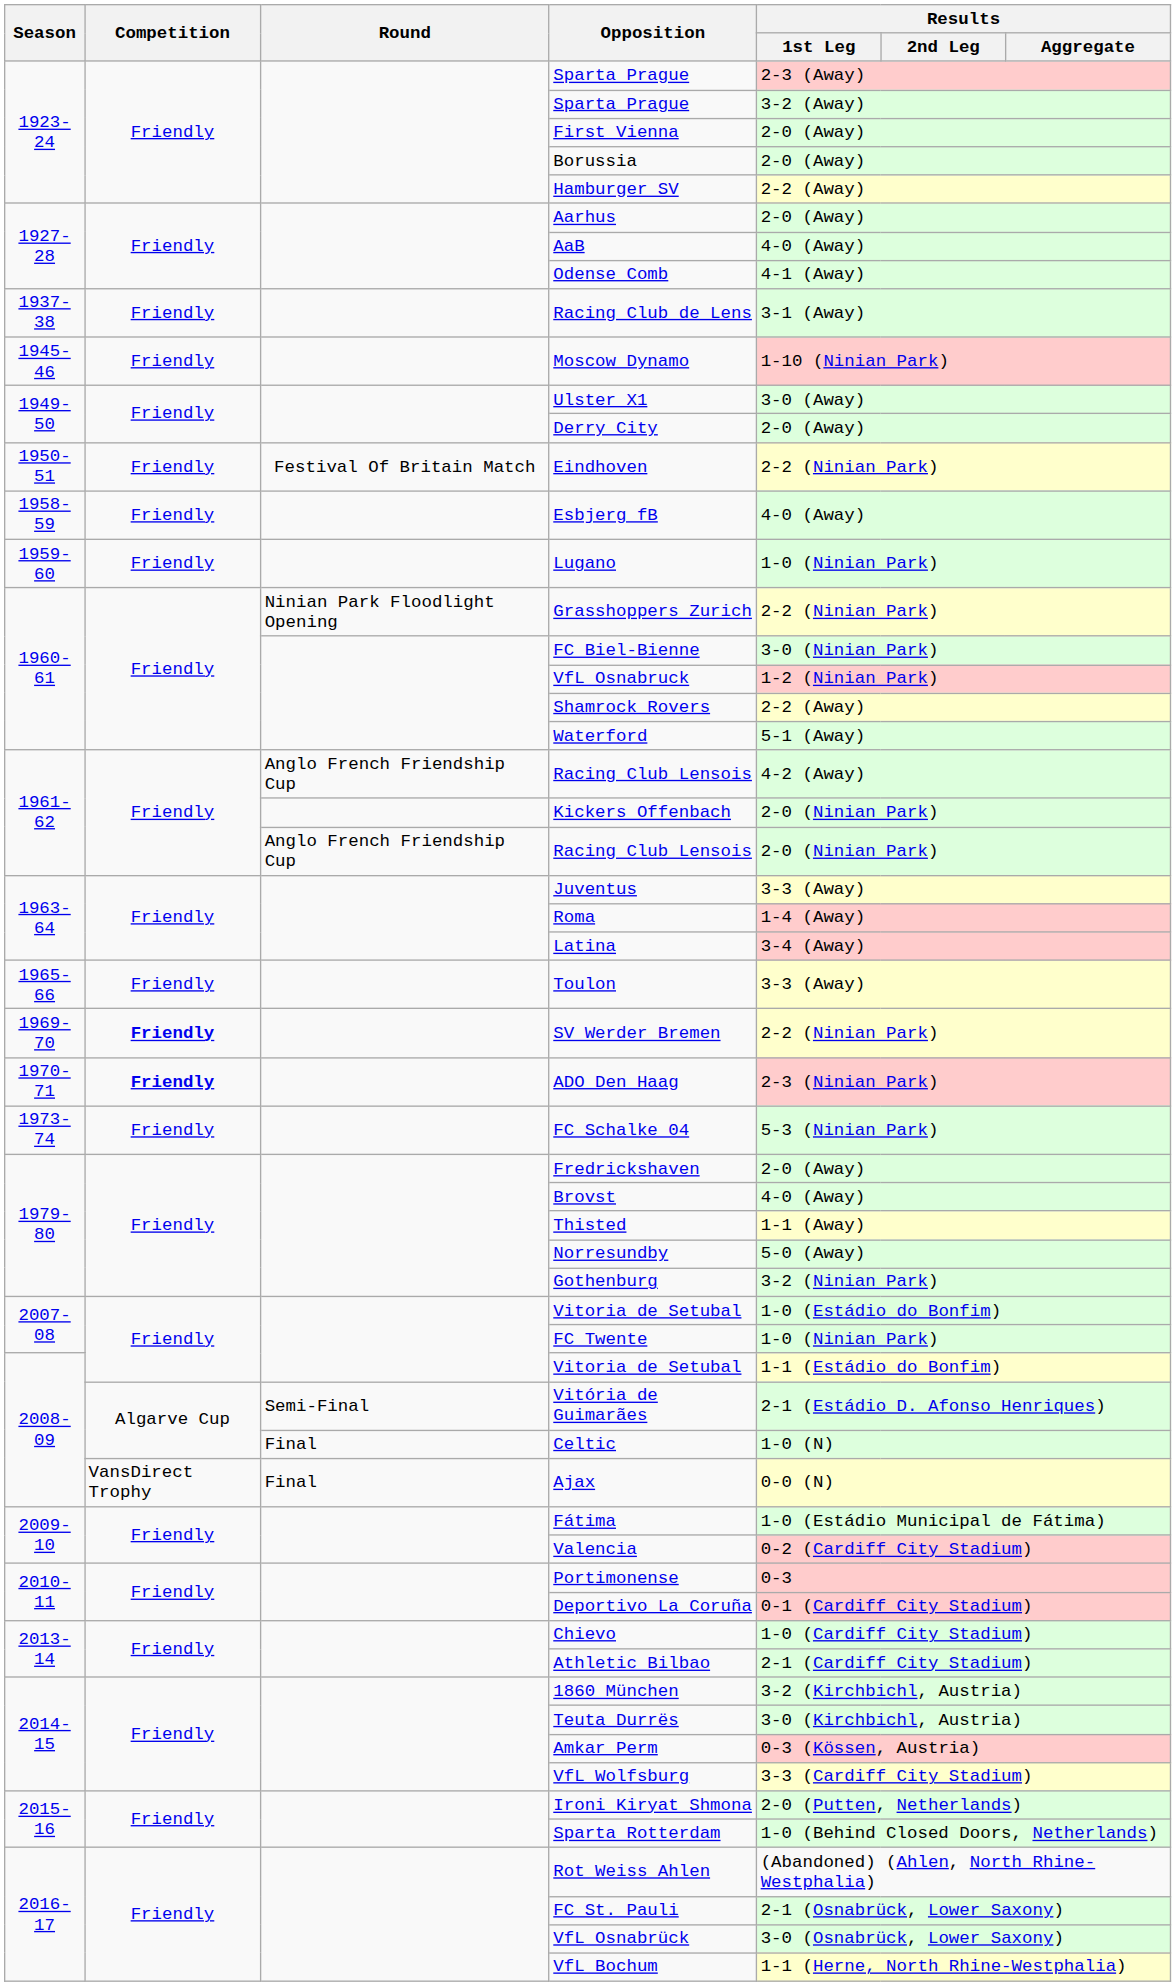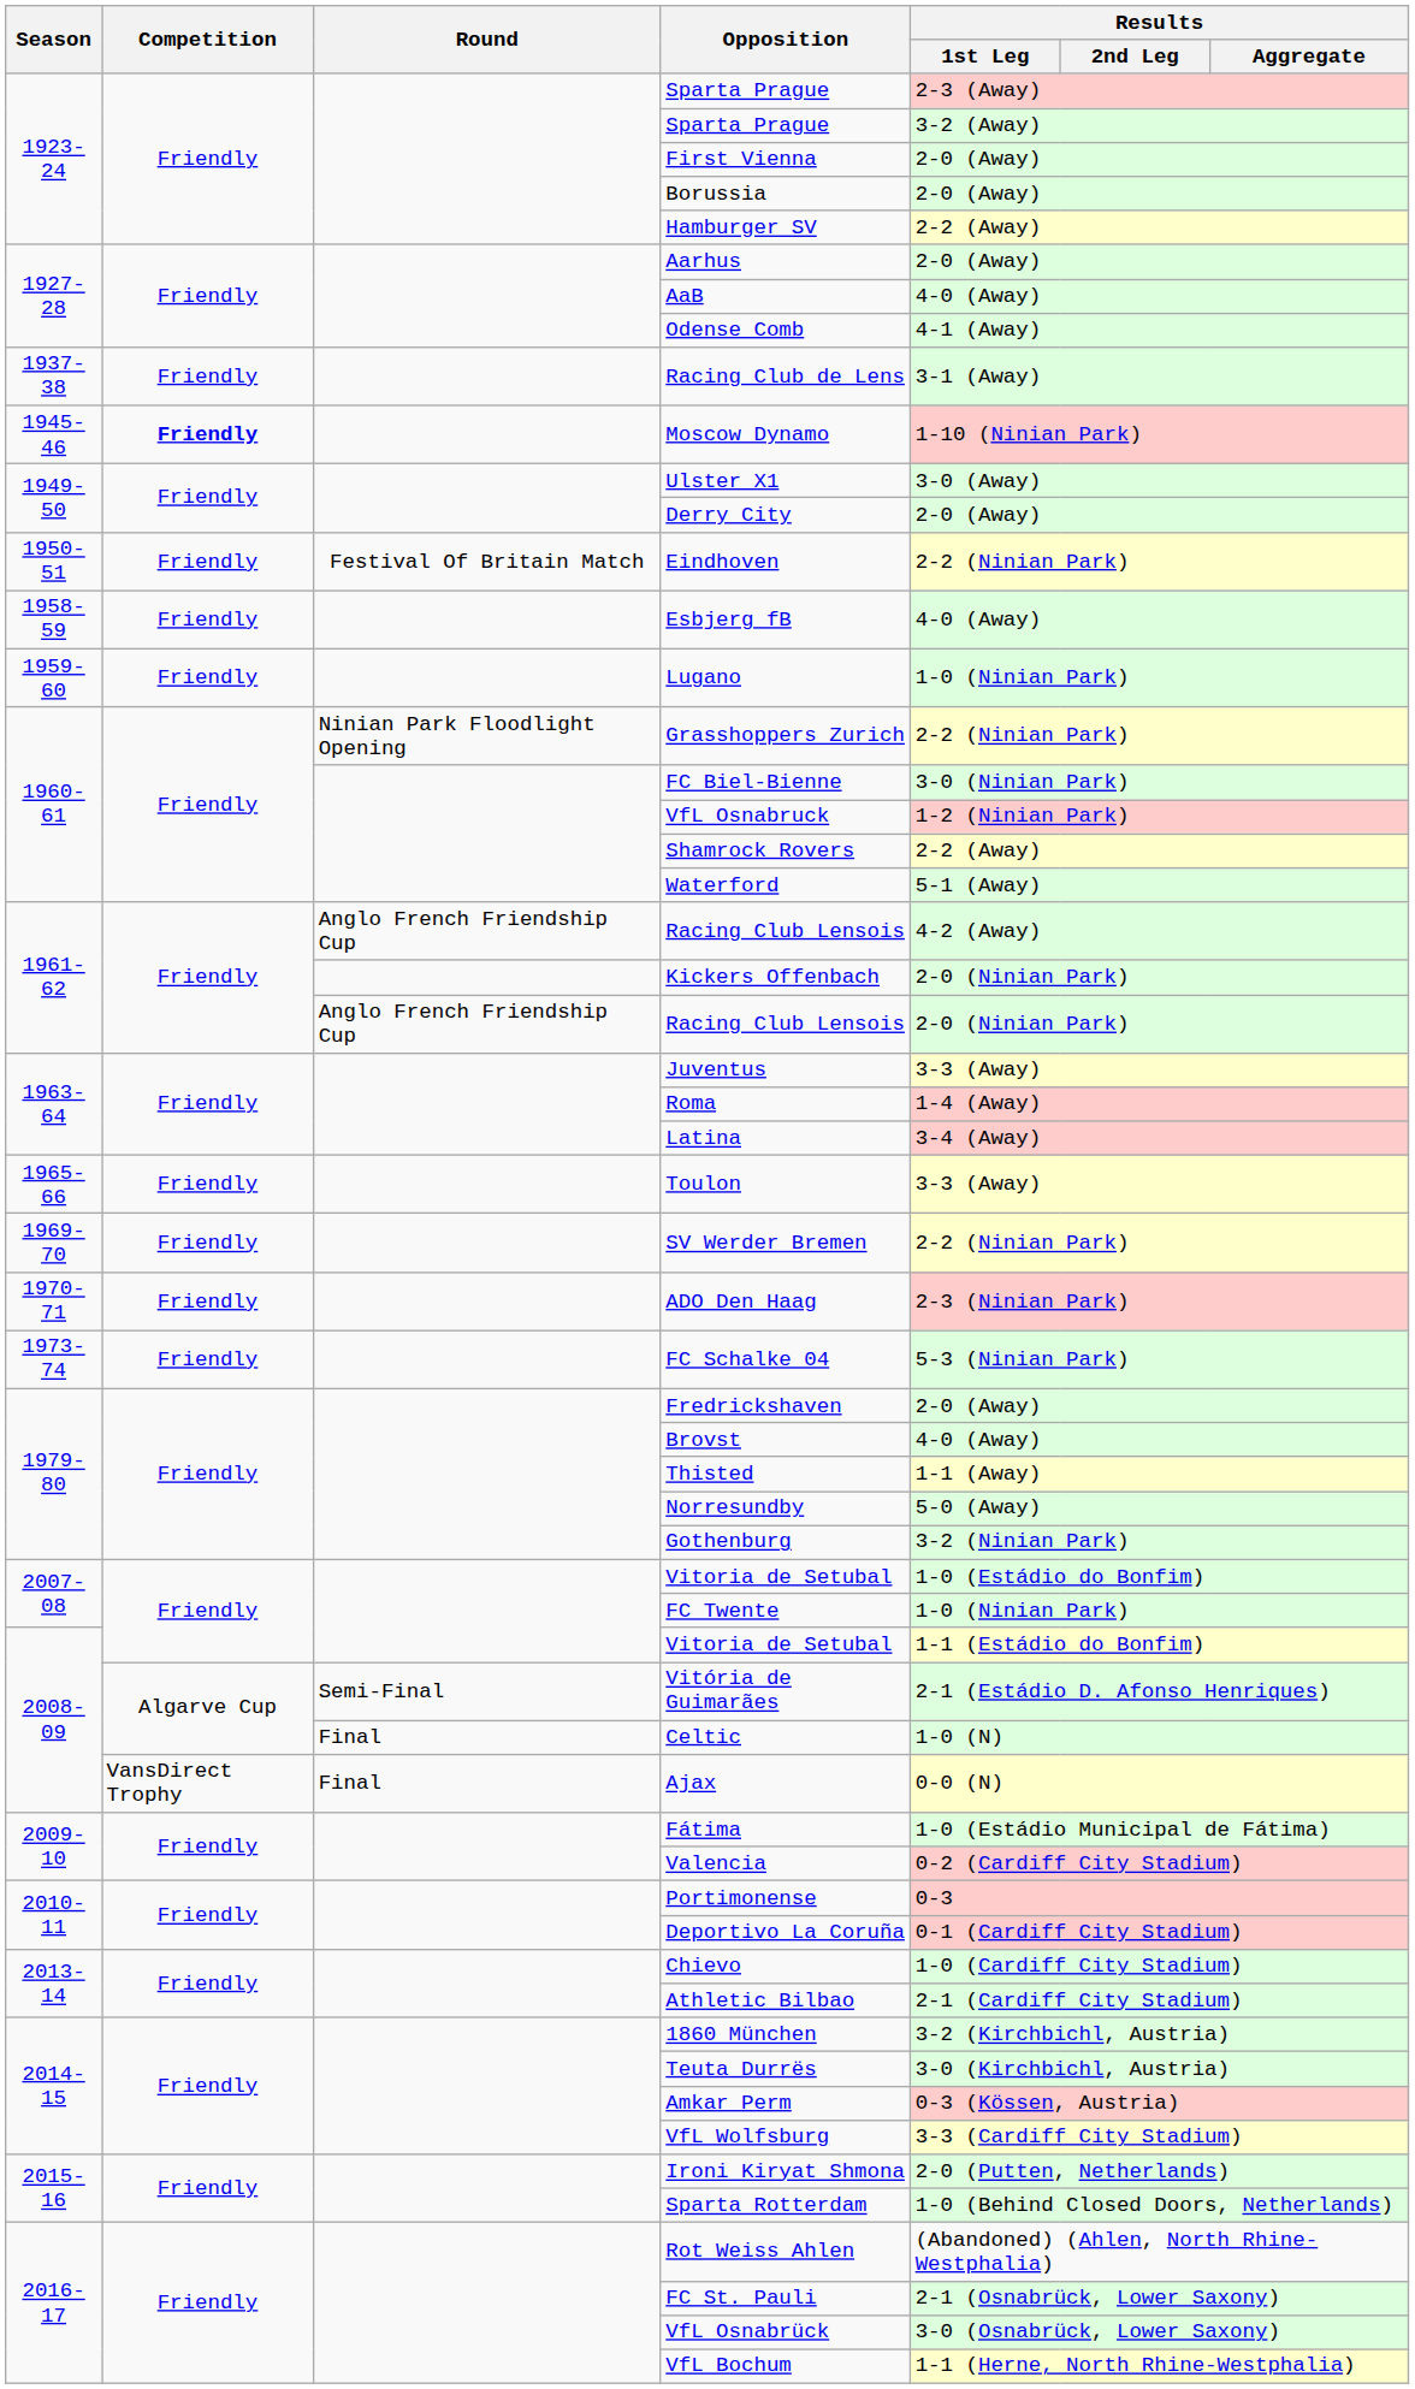 <table class="wikitable">
 <tr>
 <th rowspan=2>Season</th>
 <th rowspan=2>Competition</th>
 <th rowspan=2>Round</th>
 <th rowspan=2>Opposition</th>
 <th Colspan=3>Results</th>
 </tr>
 <tr>
 <th>1st Leg</th>
 <th>2nd Leg</th>
 <th>Aggregate</th>
 </tr>
 <tr>
 <td align=center rowspan=5><a href='#'>1923-24</a></td>
 <td align=center rowspan=5><a href='#'>Friendly</a></td>
 <td rowspan=5></td>
 <td> <a href='#'>Sparta Prague</a></td>
 <td colspan=3 bgcolor=#FFCCCC>2-3 (Away)</td>
 </tr>
 <tr>
 <td> <a href='#'>Sparta Prague</a></td>
 <td colspan=3 bgcolor=#ddffdd>3-2 (Away)</td>
 </tr>
 <tr>
 <td> <a href='#'>First Vienna</a></td>
 <td colspan=3 bgcolor=#ddffdd>2-0 (Away)</td>
 </tr>
 <tr>
 <td> Borussia</td>
 <td colspan=3 bgcolor=#ddffdd>2-0 (Away)</td>
 </tr>
 <tr>
 <td> <a href='#'>Hamburger SV</a></td>
 <td colspan=3 bgcolor=#FFFFCC>2-2 (Away)</td>
 </tr>
 <tr>
 <td align=center rowspan=3><a href='#'>1927-28</a></td>
 <td align=center rowspan=3><a href='#'>Friendly</a></td>
 <td rowspan=3></td>
 <td> <a href='#'>Aarhus</a></td>
 <td colspan=3 bgcolor=#ddffdd>2-0 (Away)</td>
 </tr>
 <tr>
 <td> <a href='#'>AaB</a></td>
 <td colspan=3 bgcolor=#ddffdd>4-0 (Away)</td>
 </tr>
 <tr>
 <td> <a href='#'>Odense Comb</a></td>
 <td colspan=3 bgcolor=#ddffdd>4-1 (Away)</td>
 </tr>
 <tr>
 <td align=center rowspan=1><a href='#'>1937-38</a></td>
 <td align=center rowspan=1><a href='#'>Friendly</a></td>
 <td rowspan=1></td>
 <td> <a href='#'>Racing Club de Lens</a></td>
 <td colspan=3 bgcolor=#ddffdd>3-1 (Away)</td>
 </tr>
 <tr>
 <td align=center rowspan=1><a href='#'>1945-46</a></td>
-<td align=center rowspan=1><a href='#'>Friendly</a></td>
+<td align=center rowspan=1><strong><a href='#'>Friendly</a></strong></td>
 <td rowspan=1></td>
 <td> <a href='#'>Moscow Dynamo</a></td>
 <td colspan=3 bgcolor=#FFCCCC>1-10 (<a href='#'>Ninian Park</a>)</td>
 </tr>
 <tr>
 <td align=center rowspan=2><a href='#'>1949-50</a></td>
 <td align=center rowspan=2><a href='#'>Friendly</a></td>
 <td rowspan=2></td>
 <td> <a href='#'>Ulster X1</a></td>
 <td colspan=3 bgcolor=#ddffdd>3-0 (Away)</td>
 </tr>
 <tr>
 <td> <a href='#'>Derry City</a></td>
 <td colspan=3 bgcolor=#ddffdd>2-0 (Away)</td>
 </tr>
 <tr>
 <td align=center rowspan=1><a href='#'>1950-51</a></td>
 <td align=center rowspan=1><a href='#'>Friendly</a></td>
 <td align=center rowspan=1>Festival Of Britain Match</td>
 <td> <a href='#'>Eindhoven</a></td>
 <td colspan=3 bgcolor=#FFFFCC>2-2 (<a href='#'>Ninian Park</a>)</td>
 </tr>
 <tr>
 <td align=center rowspan=1><a href='#'>1958-59</a></td>
 <td align=center rowspan=1><a href='#'>Friendly</a></td>
 <td rowspan=1></td>
 <td> <a href='#'>Esbjerg fB</a></td>
 <td colspan=3 bgcolor=#ddffdd>4-0 (Away)</td>
 </tr>
 <tr>
 <td align=center rowspan=1><a href='#'>1959-60</a></td>
 <td align=center rowspan=1><a href='#'>Friendly</a></td>
 <td rowspan=1></td>
 <td> <a href='#'>Lugano</a></td>
 <td colspan=3 bgcolor=#ddffdd>1-0 (<a href='#'>Ninian Park</a>)</td>
 </tr>
 <tr>
 <td align=center rowspan=5><a href='#'>1960-61</a></td>
 <td align=center rowspan=5><a href='#'>Friendly</a></td>
 <td rowspan=1>Ninian Park Floodlight Opening</td>
 <td> <a href='#'>Grasshoppers Zurich</a></td>
 <td colspan=3 bgcolor=#FFFFCC>2-2 (<a href='#'>Ninian Park</a>)</td>
 </tr>
 <tr>
 <td rowspan=4></td>
 <td> <a href='#'>FC Biel-Bienne</a></td>
 <td colspan=3 bgcolor=#ddffdd>3-0 (<a href='#'>Ninian Park</a>)</td>
 </tr>
 <tr>
 <td> <a href='#'>VfL Osnabruck</a></td>
 <td colspan=3 bgcolor=#FFCCCC>1-2 (<a href='#'>Ninian Park</a>)</td>
 </tr>
 <tr>
 <td> <a href='#'>Shamrock Rovers</a></td>
 <td colspan=3 bgcolor=#FFFFCC>2-2 (Away)</td>
 </tr>
 <tr>
 <td> <a href='#'>Waterford</a></td>
 <td colspan=3 bgcolor=#ddffdd>5-1 (Away)</td>
 </tr>
 <tr>
 <td align=center rowspan=3><a href='#'>1961-62</a></td>
 <td align=center rowspan=3><a href='#'>Friendly</a></td>
 <td rowspan=1>Anglo French Friendship Cup</td>
 <td> <a href='#'>Racing Club Lensois</a></td>
 <td colspan=3 bgcolor=#ddffdd>4-2 (Away)</td>
 </tr>
 <tr>
 <td rowspan=1></td>
 <td> <a href='#'>Kickers Offenbach</a></td>
 <td colspan=3 bgcolor=#ddffdd>2-0 (<a href='#'>Ninian Park</a>)</td>
 </tr>
 <tr>
 <td rowspan=1>Anglo French Friendship Cup</td>
 <td> <a href='#'>Racing Club Lensois</a></td>
 <td colspan=3 bgcolor=#ddffdd>2-0 (<a href='#'>Ninian Park</a>)</td>
 </tr>
 <tr>
 <td align=center rowspan=3><a href='#'>1963-64</a></td>
 <td align=center rowspan=3><a href='#'>Friendly</a></td>
 <td rowspan=3></td>
 <td> <a href='#'>Juventus</a></td>
 <td colspan=3 bgcolor=#FFFFCC>3-3 (Away)</td>
 </tr>
 <tr>
 <td> <a href='#'>Roma</a></td>
 <td colspan=3 bgcolor=#FFCCCC>1-4 (Away)</td>
 </tr>
 <tr>
 <td> <a href='#'>Latina</a></td>
 <td colspan=3 bgcolor=#FFCCCC>3-4 (Away)</td>
 </tr>
 <tr>
 <td align=center rowspan=1><a href='#'>1965-66</a></td>
 <td align=center rowspan=1><a href='#'>Friendly</a></td>
 <td rowspan=1></td>
 <td> <a href='#'>Toulon</a></td>
 <td colspan=3 bgcolor=#FFFFCC>3-3 (Away)</td>
 </tr>
 <tr>
 <td align=center rowspan=1><a href='#'>1969-70</a></td>
-<td align=center rowspan=1><strong><a href='#'>Friendly</a></strong></td>
+<td align=center rowspan=1><a href='#'>Friendly</a></td>
 <td rowspan=1></td>
 <td> <a href='#'>SV Werder Bremen</a></td>
 <td colspan=3 bgcolor=#FFFFCC>2-2 (<a href='#'>Ninian Park</a>)</td>
 </tr>
 <tr>
 <td align=center rowspan=1><a href='#'>1970-71</a></td>
-<td align=center rowspan=1><strong><a href='#'>Friendly</a></strong></td>
+<td align=center rowspan=1><a href='#'>Friendly</a></td>
 <td rowspan=1></td>
 <td> <a href='#'>ADO Den Haag</a></td>
 <td colspan=3 bgcolor=#FFCCCC>2-3 (<a href='#'>Ninian Park</a>)</td>
 </tr>
 <tr>
 <td align=center rowspan=1><a href='#'>1973-74</a></td>
 <td align=center rowspan=1><a href='#'>Friendly</a></td>
 <td rowspan=1></td>
 <td> <a href='#'>FC Schalke 04</a></td>
 <td colspan=3 bgcolor=#ddffdd>5-3 (<a href='#'>Ninian Park</a>)</td>
 </tr>
 <tr>
 <td align=center rowspan=5><a href='#'>1979-80</a></td>
 <td align=center rowspan=5><a href='#'>Friendly</a></td>
 <td rowspan=5></td>
 <td> <a href='#'>Fredrickshaven</a></td>
 <td colspan=3 bgcolor=#ddffdd>2-0 (Away)</td>
 </tr>
 <tr>
 <td> <a href='#'>Brovst</a></td>
 <td colspan=3 bgcolor=#ddffdd>4-0 (Away)</td>
 </tr>
 <tr>
 <td> <a href='#'>Thisted</a></td>
 <td colspan=3 bgcolor=#FFFFCC>1-1 (Away)</td>
 </tr>
 <tr>
 <td> <a href='#'>Norresundby</a></td>
 <td colspan=3 bgcolor=#ddffdd>5-0 (Away)</td>
 </tr>
 <tr>
 <td> <a href='#'>Gothenburg</a></td>
 <td colspan=3 bgcolor=#ddffdd>3-2 (<a href='#'>Ninian Park</a>)</td>
 </tr>
 <tr>
 <td align=center rowspan=2><a href='#'>2007-08</a></td>
 <td align=center rowspan=3><a href='#'>Friendly</a></td>
 <td rowspan=3></td>
 <td> <a href='#'>Vitoria de Setubal</a></td>
 <td colspan=3 bgcolor=#ddffdd>1-0 (<a href='#'>Estádio do Bonfim</a>)</td>
 </tr>
 <tr>
 <td> <a href='#'>FC Twente</a></td>
 <td colspan=3 bgcolor=#ddffdd>1-0 (<a href='#'>Ninian Park</a>)</td>
 </tr>
 <tr>
 <td align=center rowspan=4><a href='#'>2008-09</a></td>
 <td> <a href='#'>Vitoria de Setubal</a></td>
 <td colspan=3 bgcolor=#FFFFCC>1-1 (<a href='#'>Estádio do Bonfim</a>)</td>
 </tr>
 <tr>
 <td align=center rowspan=2>Algarve Cup</td>
 <td>Semi-Final</td>
 <td> <a href='#'>Vitória de Guimarães</a></td>
 <td colspan=3 bgcolor=#ddffdd>2-1 (<a href='#'>Estádio D. Afonso Henriques</a>)</td>
 </tr>
 <tr>
 <td>Final</td>
 <td> <a href='#'>Celtic</a></td>
 <td colspan=3 bgcolor=#ddffdd>1-0 (N)</td>
 </tr>
 <tr>
 <td>VansDirect Trophy</td>
 <td>Final</td>
 <td> <a href='#'>Ajax</a></td>
 <td colspan=3 bgcolor=#FFFFCC>0-0 (N)</td>
 </tr>
 <tr>
 <td align=center rowspan=2><a href='#'>2009-10</a></td>
 <td align=center rowspan=2><a href='#'>Friendly</a></td>
 <td rowspan=2></td>
 <td> <a href='#'>Fátima</a></td>
 <td colspan=3 bgcolor=#ddffdd>1-0 (Estádio Municipal de Fátima)</td>
 </tr>
 <tr>
 <td> <a href='#'>Valencia</a></td>
 <td colspan=3 bgcolor=#FFCCCC>0-2 (<a href='#'>Cardiff City Stadium</a>)</td>
 </tr>
 <tr>
 <td align=center rowspan=2><a href='#'>2010-11</a></td>
 <td align=center rowspan=2><a href='#'>Friendly</a></td>
 <td rowspan=2></td>
 <td> <a href='#'>Portimonense</a></td>
 <td colspan=3 bgcolor=#FFCCCC>0-3</td>
 </tr>
 <tr>
 <td> <a href='#'>Deportivo La Coruña</a></td>
 <td colspan=3 bgcolor=#FFCCCC>0-1 (<a href='#'>Cardiff City Stadium</a>)</td>
 </tr>
 <tr>
 <td align=center rowspan=2><a href='#'>2013-14</a></td>
 <td align=center rowspan=2><a href='#'>Friendly</a></td>
 <td rowspan=2></td>
 <td> <a href='#'>Chievo</a></td>
 <td colspan=3 bgcolor=#ddffdd>1-0 (<a href='#'>Cardiff City Stadium</a>)</td>
 </tr>
 <tr>
 <td> <a href='#'>Athletic Bilbao</a></td>
 <td colspan=3 bgcolor=#ddffdd>2-1  (<a href='#'>Cardiff City Stadium</a>)</td>
 </tr>
 <tr>
 <td align=center rowspan=4><a href='#'>2014-15</a></td>
 <td align=center rowspan=4><a href='#'>Friendly</a></td>
 <td rowspan=4></td>
 <td> <a href='#'>1860 München</a></td>
 <td colspan=3 bgcolor=#ddffdd>3-2  (<a href='#'>Kirchbichl</a>, Austria)</td>
 </tr>
 <tr>
 <td> <a href='#'>Teuta Durrës</a></td>
 <td colspan=3 bgcolor=#ddffdd>3-0 (<a href='#'>Kirchbichl</a>, Austria)</td>
 </tr>
 <tr>
 <td> <a href='#'>Amkar Perm</a></td>
 <td colspan=3 bgcolor=#FFCCCC>0-3 (<a href='#'>Kössen</a>, Austria)</td>
 </tr>
 <tr>
 <td> <a href='#'>VfL Wolfsburg</a></td>
 <td colspan=3 bgcolor=#FFFFCC>3-3 (<a href='#'>Cardiff City Stadium</a>)</td>
 </tr>
 <tr>
 <td align=center rowspan=2><a href='#'>2015-16</a></td>
 <td align=center rowspan=2><a href='#'>Friendly</a></td>
 <td rowspan=2></td>
 <td> <a href='#'>Ironi Kiryat Shmona</a></td>
 <td colspan=3 bgcolor=#ddffdd>2-0 (<a href='#'>Putten</a>, <a href='#'>Netherlands</a>)</td>
 </tr>
 <tr>
 <td> <a href='#'>Sparta Rotterdam</a></td>
 <td colspan=3 bgcolor=#ddffdd>1-0 (Behind Closed Doors, <a href='#'>Netherlands</a>)</td>
 </tr>
 <tr>
 <td align=center rowspan=4><a href='#'>2016-17</a></td>
 <td align=center rowspan=4><a href='#'>Friendly</a></td>
 <td rowspan=4></td>
 <td> <a href='#'>Rot Weiss Ahlen</a></td>
 <td colspan=3>(Abandoned) (<a href='#'>Ahlen</a>, <a href='#'>North Rhine-Westphalia</a>)</td>
 </tr>
 <tr>
 <td> <a href='#'>FC St. Pauli</a></td>
 <td colspan=3 bgcolor=#ddffdd>2-1 (<a href='#'>Osnabrück</a>, <a href='#'>Lower Saxony</a>)</td>
 </tr>
 <tr>
 <td> <a href='#'>VfL Osnabrück</a></td>
 <td colspan=3 bgcolor=#ddffdd>3-0 (<a href='#'>Osnabrück</a>, <a href='#'>Lower Saxony</a>)</td>
 </tr>
 <tr>
 <td> <a href='#'>VfL Bochum</a></td>
 <td colspan=3 bgcolor=#FFFFCC>1-1 (<a href='#'>Herne, North Rhine-Westphalia</a>)</td>
 </tr>
 </table>
